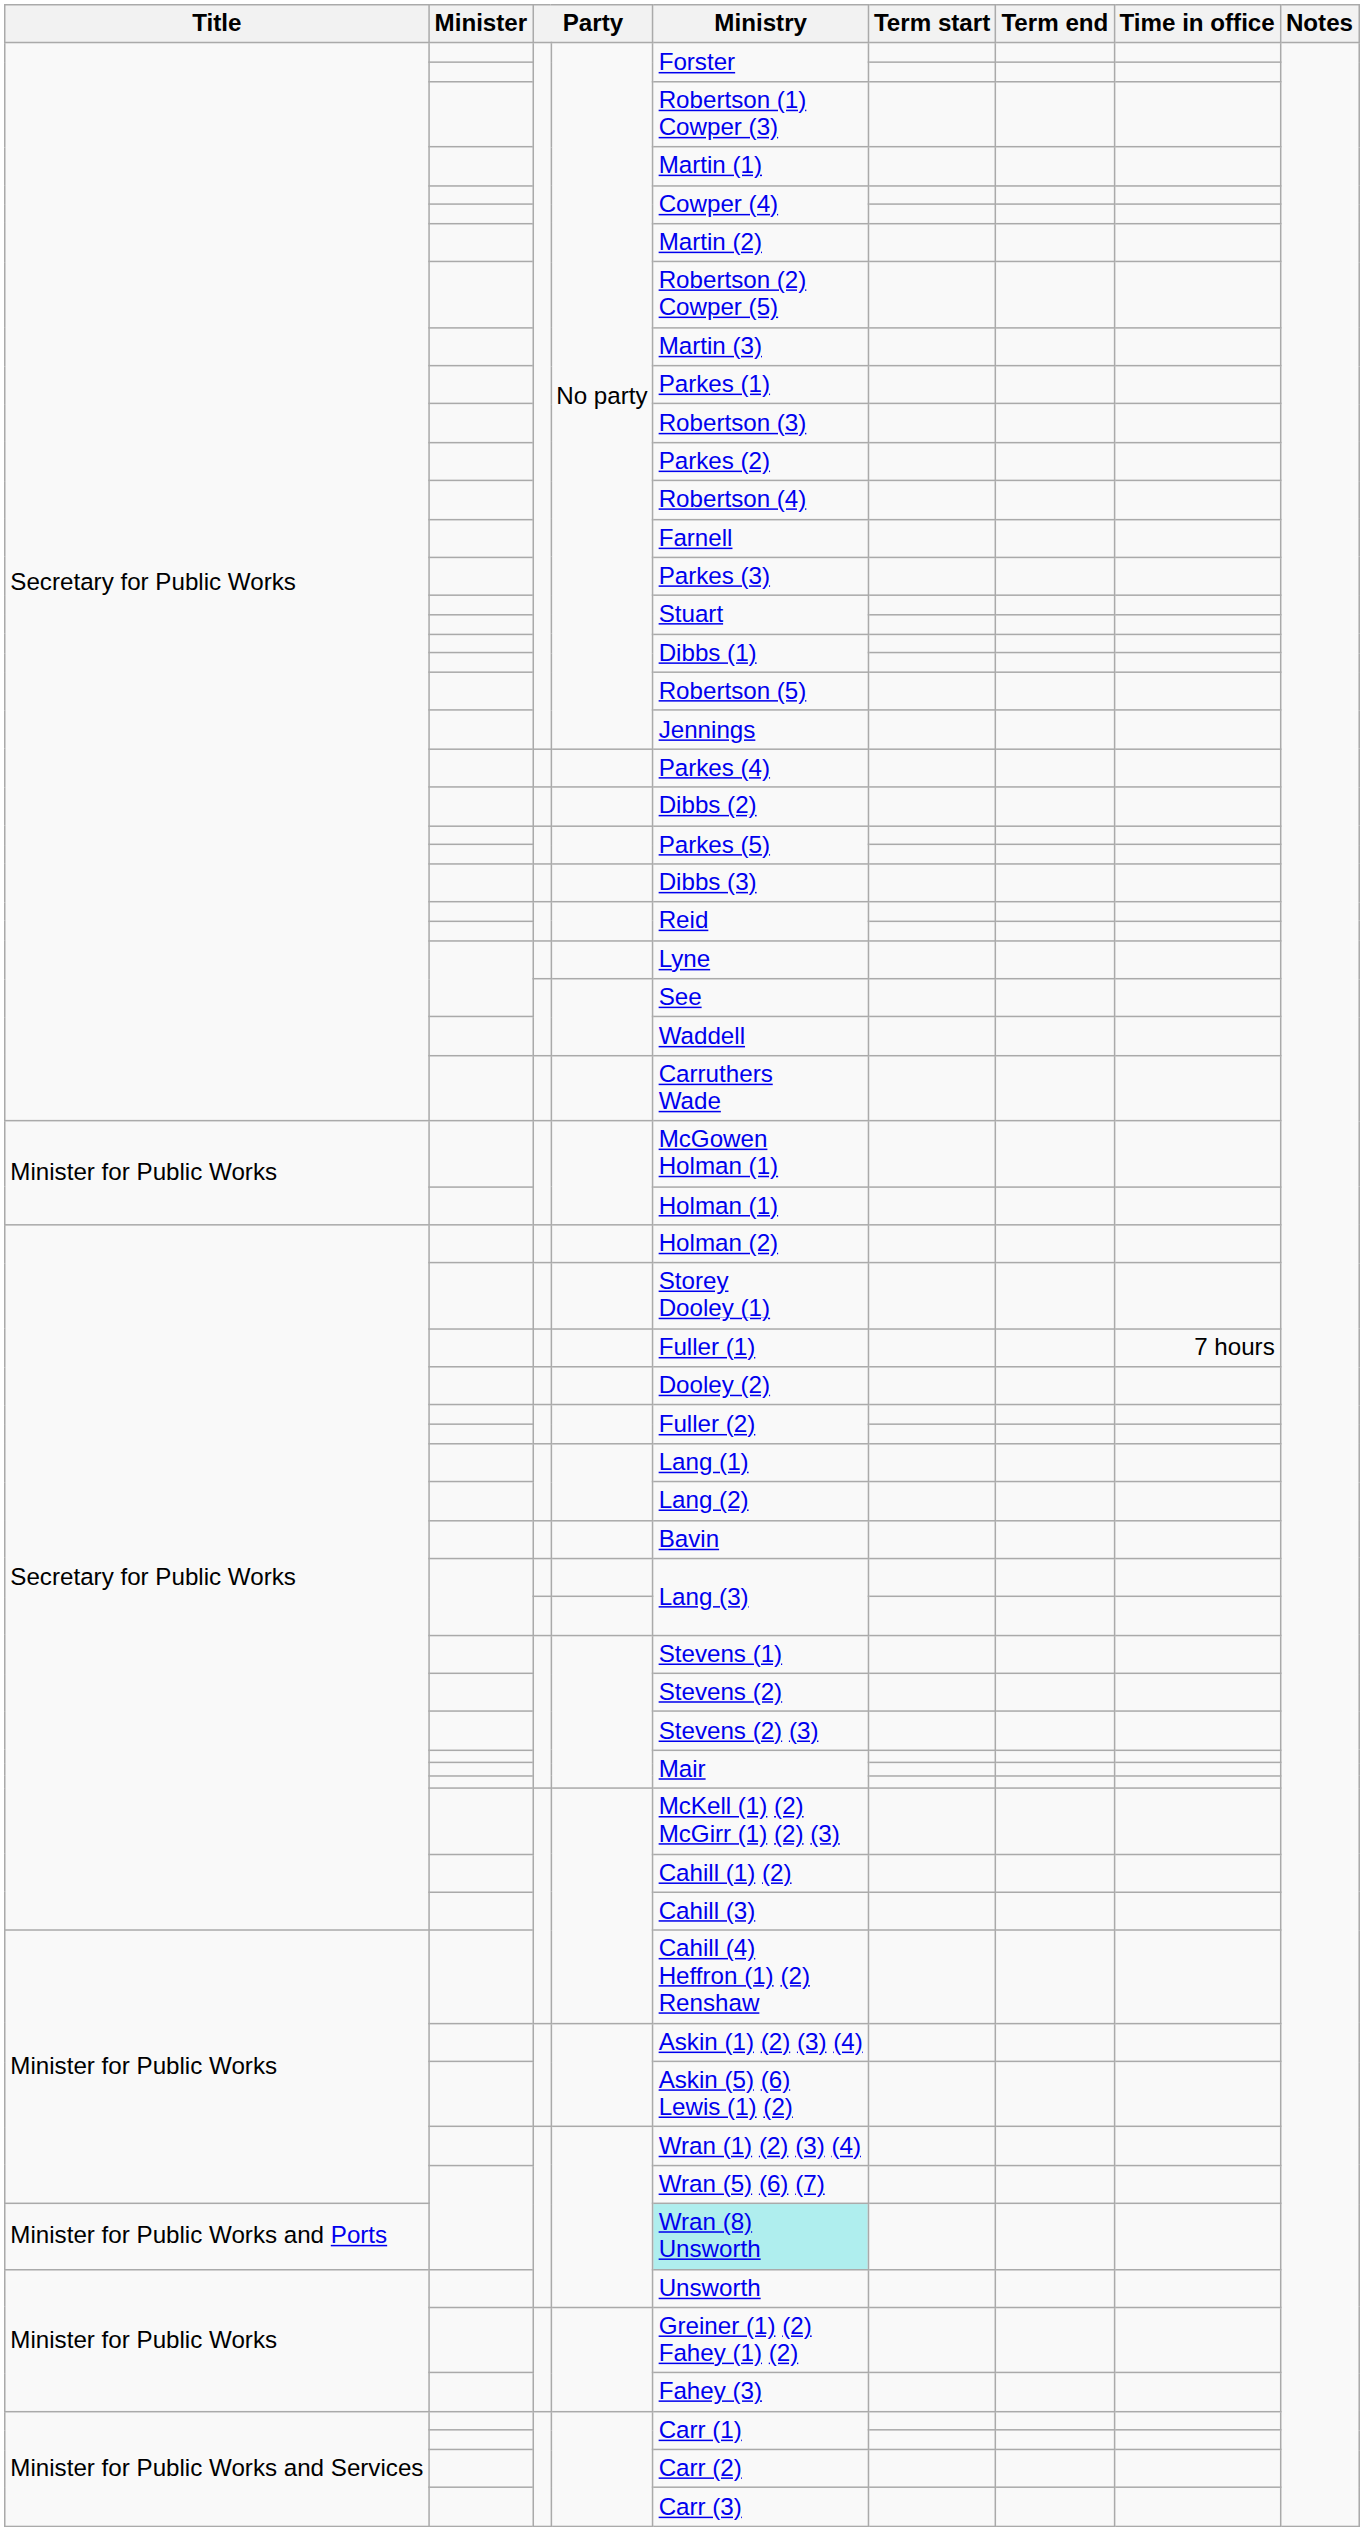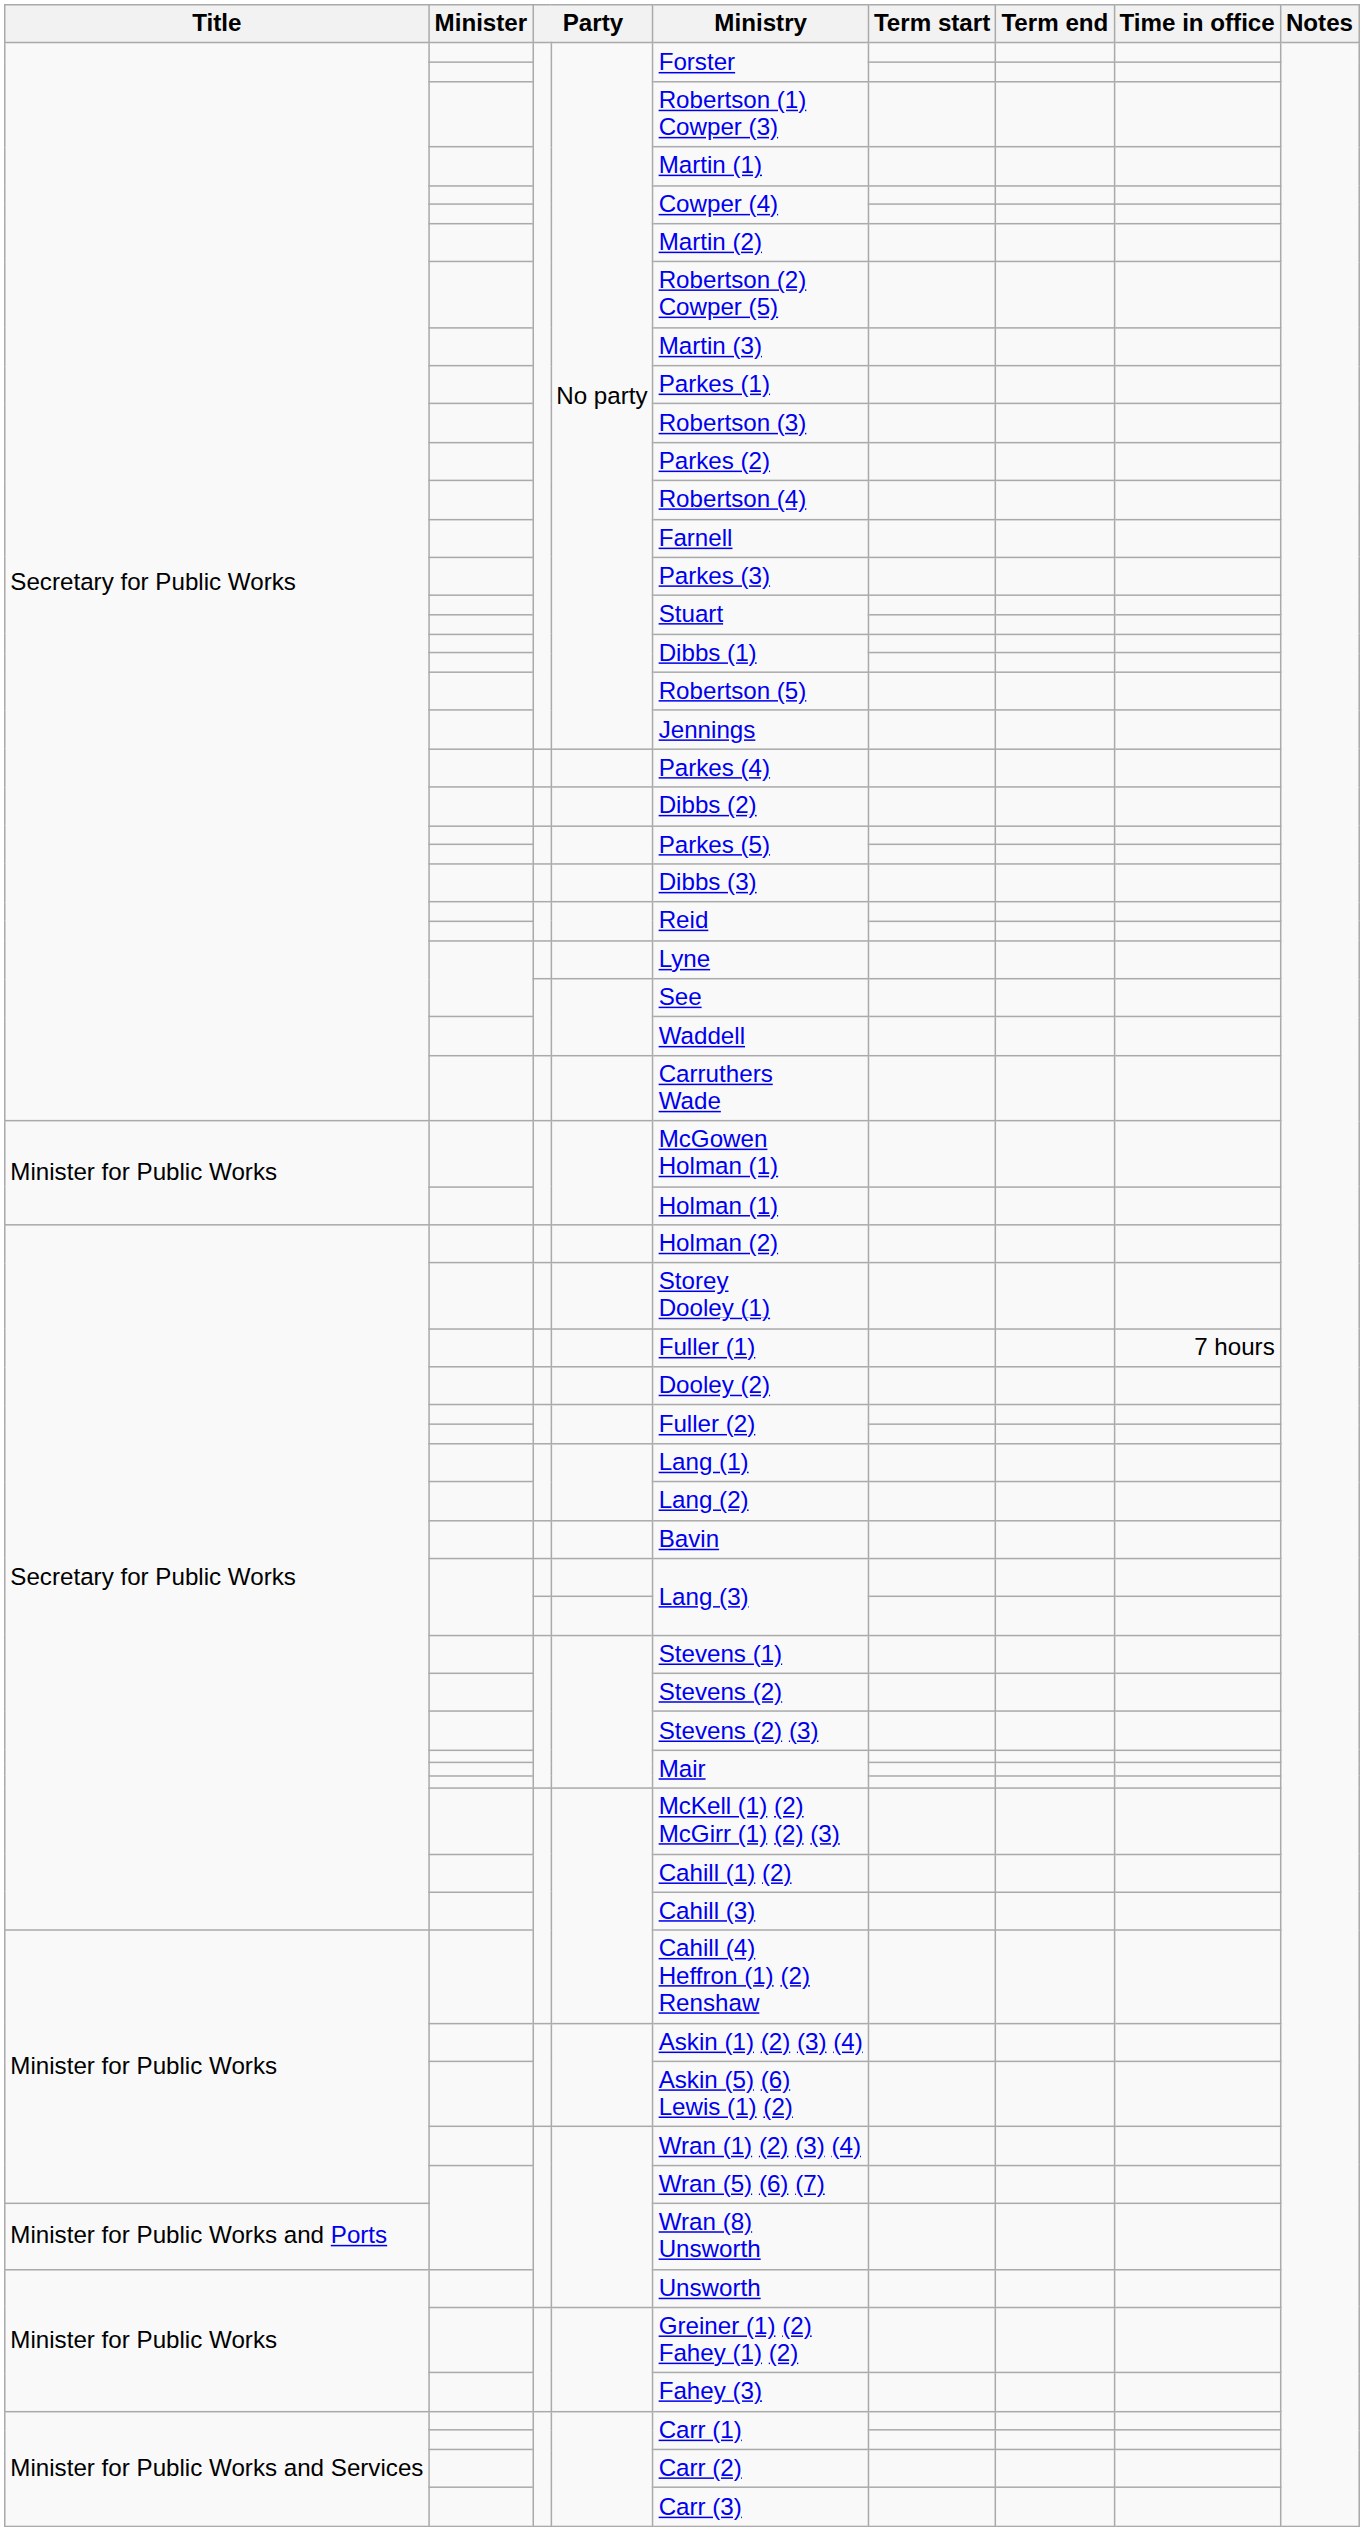 <table class="wikitable sortable">
 <tr>
 <th>Title</th>
 <th>Minister</th>
 <th colspan="2">Party</th>
 <th>Ministry</th>
 <th>Term start</th>
 <th>Term end</th>
 <th>Time in office</th>
 <th class="unsortable">Notes</th>
 </tr>
 <tr>
 <td rowspan="32">Secretary for Public Works</td>
 <td></td>
 <td rowspan="21"> </td>
 <td rowspan="21">No party</td>
 <td rowspan="2"><a href='#'>Forster</a></td>
 <td align=center></td>
 <td align=center></td>
 <td align=right></td>
 </tr>
 <tr>
 <td></td>
 <td align=center></td>
 <td align=center></td>
 <td align=right></td>
 </tr>
 <tr>
 <td></td>
 <td><a href='#'>Robertson (1)</a><br><a href='#'>Cowper (3)</a></td>
 <td align=center></td>
 <td align=center></td>
 <td align=right></td>
 </tr>
 <tr>
 <td></td>
 <td><a href='#'>Martin (1)</a></td>
 <td align=center></td>
 <td align=center></td>
 <td align=right></td>
 </tr>
 <tr>
 <td></td>
 <td rowspan="2"><a href='#'>Cowper (4)</a></td>
 <td align=center></td>
 <td align=center></td>
 <td align=right></td>
 </tr>
 <tr>
 <td></td>
 <td align=center></td>
 <td align=center></td>
 <td align=right></td>
 </tr>
 <tr>
 <td></td>
 <td><a href='#'>Martin (2)</a></td>
 <td align=center></td>
 <td align=center></td>
 <td align=right></td>
 </tr>
 <tr>
 <td></td>
 <td><a href='#'>Robertson (2)</a><br><a href='#'>Cowper (5)</a></td>
 <td align=center></td>
 <td align=center></td>
 <td align=right></td>
 </tr>
 <tr>
 <td></td>
 <td><a href='#'>Martin (3)</a></td>
 <td align=center></td>
 <td align=center></td>
 <td align=right></td>
 </tr>
 <tr>
 <td></td>
 <td><a href='#'>Parkes (1)</a></td>
 <td align=center></td>
 <td align=center></td>
 <td align=right></td>
 </tr>
 <tr>
 <td></td>
 <td><a href='#'>Robertson (3)</a></td>
 <td align=center></td>
 <td align=center></td>
 <td align=right></td>
 </tr>
 <tr>
 <td></td>
 <td><a href='#'>Parkes (2)</a></td>
 <td align=center></td>
 <td align=center></td>
 <td align=right></td>
 </tr>
 <tr>
 <td></td>
 <td><a href='#'>Robertson (4)</a></td>
 <td align=center></td>
 <td align=center></td>
 <td align=right></td>
 </tr>
 <tr>
 <td></td>
 <td><a href='#'>Farnell</a></td>
 <td align=center></td>
 <td align=center></td>
 <td align=right></td>
 </tr>
 <tr>
 <td></td>
 <td><a href='#'>Parkes (3)</a></td>
 <td align=center></td>
 <td align=center></td>
 <td align=right></td>
 </tr>
 <tr>
 <td></td>
 <td rowspan="2"><a href='#'>Stuart</a></td>
 <td align=center></td>
 <td align=center></td>
 <td align=right></td>
 </tr>
 <tr>
 <td></td>
 <td align=center></td>
 <td align=center></td>
 <td align=right></td>
 </tr>
 <tr>
 <td></td>
 <td rowspan="2"><a href='#'>Dibbs (1)</a></td>
 <td align=center></td>
 <td align=center></td>
 <td align=right></td>
 </tr>
 <tr>
 <td></td>
 <td align=center></td>
 <td align=center></td>
 <td align=right></td>
 </tr>
 <tr>
 <td></td>
 <td><a href='#'>Robertson (5)</a></td>
 <td align=center></td>
 <td align=center></td>
 <td align=right></td>
 </tr>
 <tr>
 <td></td>
 <td><a href='#'>Jennings</a></td>
 <td align=center></td>
 <td align=center></td>
 <td align=right></td>
 </tr>
 <tr>
 <td></td>
 <td> </td>
 <td></td>
 <td><a href='#'>Parkes (4)</a></td>
 <td align=center></td>
 <td align=center></td>
 <td align=right></td>
 </tr>
 <tr>
 <td></td>
 <td> </td>
 <td></td>
 <td><a href='#'>Dibbs (2)</a></td>
 <td align=center></td>
 <td align=center></td>
 <td align=right></td>
 </tr>
 <tr>
 <td></td>
 <td rowspan="2" > </td>
 <td rowspan="2"></td>
 <td rowspan="2"><a href='#'>Parkes (5)</a></td>
 <td align=center></td>
 <td align=center></td>
 <td align=right></td>
 </tr>
 <tr>
 <td></td>
 <td align=center></td>
 <td align=center></td>
 <td align=right></td>
 </tr>
 <tr>
 <td></td>
 <td> </td>
 <td></td>
 <td><a href='#'>Dibbs (3)</a></td>
 <td align=center></td>
 <td align=center></td>
 <td align=right></td>
 </tr>
 <tr>
 <td></td>
 <td rowspan="2" > </td>
 <td rowspan="2"></td>
 <td rowspan="2"><a href='#'>Reid</a></td>
 <td align=center></td>
 <td align=center></td>
 <td align=right></td>
 </tr>
 <tr>
 <td></td>
 <td align=center></td>
 <td align=center></td>
 <td align=right></td>
 </tr>
 <tr>
 <td rowspan="2"></td>
 <td> </td>
 <td></td>
 <td><a href='#'>Lyne</a></td>
 <td align=center></td>
 <td align=center></td>
 <td align=right></td>
 </tr>
 <tr>
 <td rowspan="2" > </td>
 <td rowspan="2"></td>
 <td><a href='#'>See</a></td>
 <td align=center></td>
 <td align=center></td>
 <td align=right></td>
 </tr>
 <tr>
 <td></td>
 <td><a href='#'>Waddell</a></td>
 <td align=center></td>
 <td align=center></td>
 <td align=right></td>
 </tr>
 <tr>
 <td></td>
 <td> </td>
 <td></td>
 <td><a href='#'>Carruthers</a><br><a href='#'>Wade</a></td>
 <td align=center></td>
 <td align=center></td>
 <td align=right></td>
 </tr>
 <tr>
 <td rowspan="2">Minister for Public Works</td>
 <td></td>
 <td rowspan="2" > </td>
 <td rowspan="2"></td>
 <td><a href='#'>McGowen</a><br><a href='#'>Holman (1)</a></td>
 <td align=center></td>
 <td align=center></td>
 <td align=right></td>
 </tr>
 <tr>
 <td></td>
 <td><a href='#'>Holman (1)</a></td>
 <td align=center></td>
 <td align=center></td>
 <td align=right></td>
 </tr>
 <tr>
 <td rowspan="20">Secretary for Public Works</td>
 <td></td>
 <td> </td>
 <td></td>
 <td><a href='#'>Holman (2)</a></td>
 <td align=center></td>
 <td align=center></td>
 <td align=right></td>
 </tr>
 <tr>
 <td></td>
 <td> </td>
 <td></td>
 <td><a href='#'>Storey</a> <br><a href='#'>Dooley (1)</a></td>
 <td align=center></td>
 <td align=center></td>
 <td align=right></td>
 </tr>
 <tr>
 <td></td>
 <td> </td>
 <td></td>
 <td><a href='#'>Fuller (1)</a></td>
 <td align=center></td>
 <td align=center></td>
 <td align="right"> 7 hours</td>
 </tr>
 <tr>
 <td></td>
 <td> </td>
 <td></td>
 <td><a href='#'>Dooley (2)</a></td>
 <td align=center></td>
 <td align=center></td>
 <td align=right></td>
 </tr>
 <tr>
 <td></td>
 <td rowspan="2" > </td>
 <td rowspan="2"></td>
 <td rowspan="2"><a href='#'>Fuller (2)</a></td>
 <td align=center></td>
 <td align=center></td>
 <td align=right></td>
 </tr>
 <tr>
 <td></td>
 <td align=center></td>
 <td align=center></td>
 <td align=right></td>
 </tr>
 <tr>
 <td></td>
 <td rowspan="2" > </td>
 <td rowspan="2"></td>
 <td><a href='#'>Lang (1)</a></td>
 <td align=center></td>
 <td align=center></td>
 <td align=right></td>
 </tr>
 <tr>
 <td></td>
 <td><a href='#'>Lang (2)</a></td>
 <td align=center></td>
 <td align=center></td>
 <td align=right></td>
 </tr>
 <tr>
 <td></td>
 <td> </td>
 <td></td>
 <td><a href='#'>Bavin</a></td>
 <td align=center></td>
 <td align=center></td>
 <td align=right></td>
 </tr>
 <tr>
 <td rowspan="2"></td>
 <td> </td>
 <td></td>
 <td rowspan="2"><a href='#'>Lang (3)</a></td>
 <td align=center></td>
 <td align=center></td>
 <td align=right></td>
 </tr>
 <tr>
 <td> </td>
 <td></td>
 <td align=center></td>
 <td align=center></td>
 <td align=right></td>
 </tr>
 <tr>
 <td></td>
 <td rowspan="6" > </td>
 <td rowspan="6"></td>
 <td><a href='#'>Stevens (1)</a></td>
 <td align=center></td>
 <td align=center></td>
 <td align=right></td>
 </tr>
 <tr>
 <td></td>
 <td><a href='#'>Stevens (2)</a></td>
 <td align=center></td>
 <td align=center></td>
 <td align=right></td>
 </tr>
 <tr>
 <td></td>
 <td><a href='#'>Stevens (2)</a> <a href='#'>(3)</a></td>
 <td align=center></td>
 <td align=center></td>
 <td align=right></td>
 </tr>
 <tr>
 <td></td>
 <td rowspan="3"><a href='#'>Mair</a></td>
 <td align=center></td>
 <td align=center></td>
 <td align=right></td>
 </tr>
 <tr>
 <td></td>
 <td align=center></td>
 <td align=center></td>
 <td align=right></td>
 </tr>
 <tr>
 <td></td>
 <td align=center></td>
 <td align=center></td>
 <td align=right></td>
 </tr>
 <tr>
 <td></td>
 <td rowspan="4" > </td>
 <td rowspan="4"></td>
 <td><a href='#'>McKell (1)</a> <a href='#'>(2)</a><br><a href='#'>McGirr (1)</a> <a href='#'>(2)</a> <a href='#'>(3)</a></td>
 <td align=center></td>
 <td align=center></td>
 <td align=right><strong></strong></td>
 </tr>
 <tr>
 <td></td>
 <td><a href='#'>Cahill (1)</a> <a href='#'>(2)</a></td>
 <td align=center></td>
 <td align=center></td>
 <td align=right></td>
 </tr>
 <tr>
 <td></td>
 <td><a href='#'>Cahill (3)</a></td>
 <td align=center></td>
 <td align=center></td>
 <td align=right></td>
 </tr>
 <tr>
 <td rowspan="5">Minister for Public Works</td>
 <td></td>
 <td><a href='#'>Cahill (4)</a><br><a href='#'>Heffron (1)</a> <a href='#'>(2)</a><br><a href='#'>Renshaw</a></td>
 <td align=center></td>
 <td align=center></td>
 <td align=right></td>
 </tr>
 <tr>
 <td></td>
 <td rowspan="2" > </td>
 <td rowspan="2"></td>
 <td><a href='#'>Askin (1)</a> <a href='#'>(2)</a> <a href='#'>(3)</a> <a href='#'>(4)</a></td>
 <td align=center></td>
 <td align=center></td>
 <td align=right></td>
 </tr>
 <tr>
 <td></td>
 <td><a href='#'>Askin (5)</a> <a href='#'>(6)</a><br><a href='#'>Lewis (1)</a> <a href='#'>(2)</a></td>
 <td align=center></td>
 <td align=center></td>
 <td align=right></td>
 </tr>
 <tr>
 <td></td>
 <td rowspan = "4" > </td>
 <td rowspan="4"></td>
 <td><a href='#'>Wran (1)</a> <a href='#'>(2)</a> <a href='#'>(3)</a> <a href='#'>(4)</a></td>
 <td align=center></td>
 <td align=center></td>
 <td align=right></td>
 </tr>
 <tr>
 <td rowspan = "2"></td>
 <td><a href='#'>Wran (5)</a> <a href='#'>(6)</a> <a href='#'>(7)</a></td>
 <td align=center></td>
 <td align=center></td>
 <td align=right></td>
 </tr>
 <tr>
 <td>Minister for Public Works and <a href='#'>Ports</a></td>
-<td style="background: paleturquoise;"><a href='#'>Wran (8)</a><br><a href='#'>Unsworth</a></td>
+<td><a href='#'>Wran (8)</a><br><a href='#'>Unsworth</a></td>
 <td align=center></td>
 <td align=center></td>
 <td align=right></td>
 </tr>
 <tr>
 <td rowspan="3">Minister for Public Works</td>
 <td></td>
 <td><a href='#'>Unsworth</a></td>
 <td align=center></td>
 <td align=center></td>
 <td align=right></td>
 </tr>
 <tr>
 <td></td>
 <td rowspan = "2" > </td>
 <td rowspan="2"></td>
 <td><a href='#'>Greiner (1)</a> <a href='#'>(2)</a><br><a href='#'>Fahey (1)</a> <a href='#'>(2)</a></td>
 <td align=center></td>
 <td align=center></td>
 <td align=right></td>
 </tr>
 <tr>
 <td></td>
 <td><a href='#'>Fahey (3)</a></td>
 <td align=center></td>
 <td align=center></td>
 <td align=right></td>
 </tr>
 <tr>
 <td rowspan="4">Minister for Public Works and Services</td>
 <td></td>
 <td rowspan = "4" > </td>
 <td rowspan="4"></td>
 <td rowspan="2"><a href='#'>Carr (1)</a></td>
 <td align=center></td>
 <td align=center></td>
 <td align=right></td>
 </tr>
 <tr>
 <td></td>
 <td align=center></td>
 <td align=center></td>
 <td align=right></td>
 </tr>
 <tr>
 <td></td>
 <td><a href='#'>Carr (2)</a></td>
 <td align=center></td>
 <td align=center></td>
 <td align=right></td>
 </tr>
 <tr>
 <td></td>
 <td><a href='#'>Carr (3)</a></td>
 <td align=center></td>
 <td align=center></td>
 <td align=right></td>
 </tr>
 </table>
